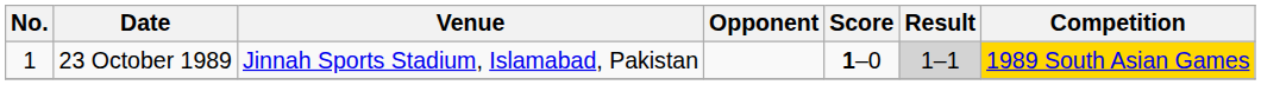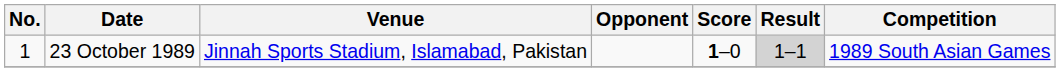 <table class="wikitable plainrowheaders sortable">
 <tr>
 <th scope="col">No.</th>
 <th scope="col">Date</th>
 <th scope="col">Venue</th>
 <th scope="col">Opponent</th>
 <th scope="col">Score</th>
 <th scope="col">Result</th>
 <th scope="col">Competition</th>
 </tr>
 <tr>
 <td align="center">1</td>
 <td>23 October 1989</td>
 <td><a href='#'>Jinnah Sports Stadium</a>, <a href='#'>Islamabad</a>, Pakistan</td>
 <td></td>
 <td align="center"><strong>1</strong>–0</td>
 <td align="center" style="background: lightgrey;">1–1</td>
-<td style="background: gold;"><a href='#'>1989 South Asian Games</a></td>
+<td><a href='#'>1989 South Asian Games</a></td>
 </tr>
 <tr>
 </tr>
 </table>
